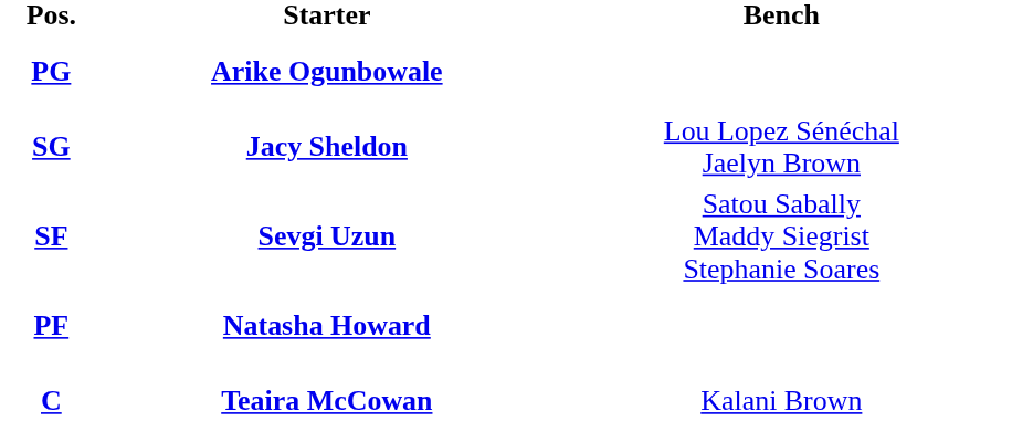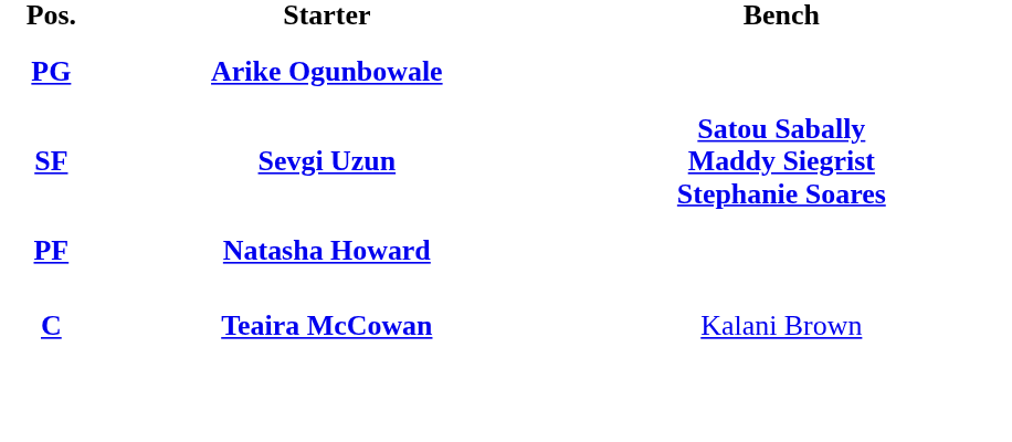 <table style="text-align:center; ">
 <tr>
 <th width="50">Pos.</th>
 <th width="250">Starter</th>
 <th width="250">Bench</th>
 </tr>
 <tr style="height:40px; background:white; color:#092C57">
 <th><a href='#'><span>PG</span></a></th>
 <td><strong><a href='#'>Arike Ogunbowale</a></strong></td>
 <td></td>
 </tr>
 <tr style="height:40px; background:white; color:#092C57">
-<th><a href='#'><span>SG</span></a></th>
-<td><strong><a href='#'>Jacy Sheldon</a></strong></td>
-<td><a href='#'>Lou Lopez Sénéchal</a><br><a href='#'>Jaelyn Brown</a></td>
-</tr>
-<tr style="height:40px; background:white; color:#092C57">
 <th><a href='#'><span>SF</span></a></th>
 <td><strong><a href='#'>Sevgi Uzun</a></strong></td>
-<td><a href='#'>Satou Sabally</a> <br><a href='#'>Maddy Siegrist</a><br><a href='#'>Stephanie Soares</a> </td>
+<td><strong><a href='#'>Satou Sabally</a> <br><a href='#'>Maddy Siegrist</a><br><a href='#'>Stephanie Soares</a> </strong></td>
 </tr>
 <tr style="height:40px; background:white; color:#092C57">
 <th><a href='#'><span>PF</span></a></th>
 <td><strong><a href='#'>Natasha Howard</a></strong></td>
 <td></td>
 </tr>
 <tr style="height:40px; background:white; color:#092C57">
 <th><a href='#'><span>C</span></a></th>
 <td><strong><a href='#'>Teaira McCowan</a></strong></td>
 <td><a href='#'>Kalani Brown</a></td>
 </tr>
 </table>
